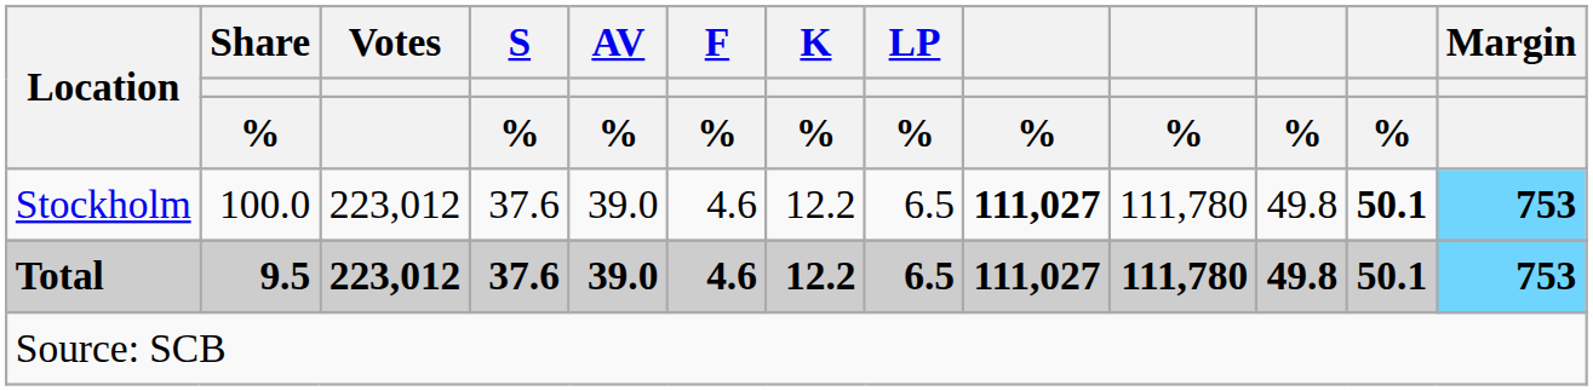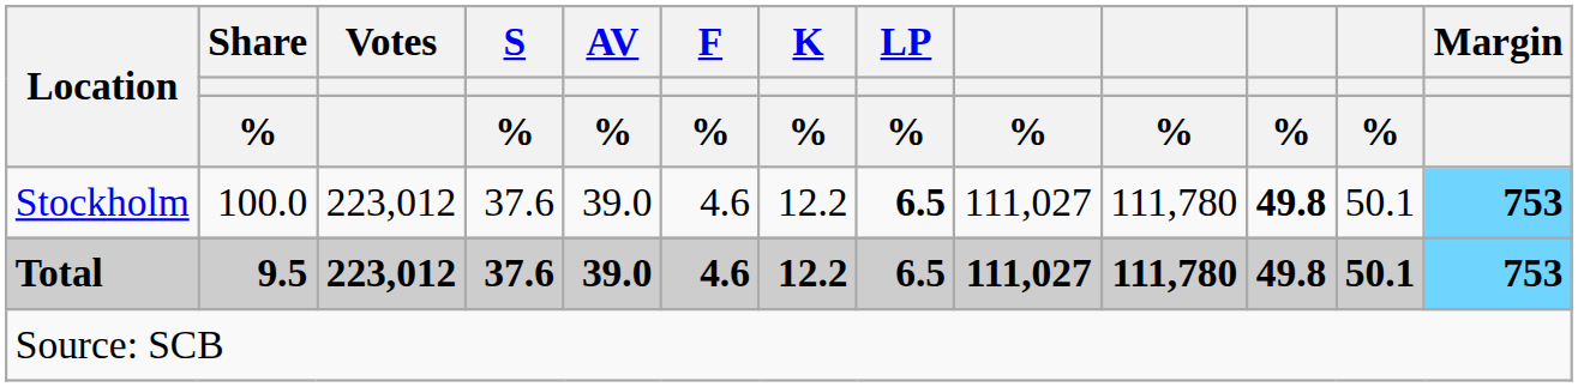 <table class="wikitable sortable" style="text-align:right; font-size:95%; line-height:20px;">
 <tr>
 <th rowspan="3">Location</th>
 <th>Share</th>
 <th>Votes</th>
 <th width="30px" class="unsortable"><a href='#'>S</a></th>
 <th width="30px" class="unsortable"><a href='#'>AV</a></th>
 <th width="30px" class="unsortable"><a href='#'>F</a></th>
 <th width="30px" class="unsortable"><a href='#'>K</a></th>
 <th width="30px" class="unsortable"><a href='#'>LP</a></th>
 <th></th>
 <th></th>
 <th></th>
 <th></th>
 <th>Margin</th>
 </tr>
 <tr>
 <th></th>
 <th></th>
 <th style="background:"></th>
 <th style="background:"></th>
 <th style="background:"></th>
 <th style="background:"></th>
 <th style="background:"></th>
 <th style="background:"></th>
 <th style="background:"></th>
 <th style="background:"></th>
 <th style="background:"></th>
 <th></th>
 </tr>
 <tr>
 <th data-sort-type="number">%</th>
 <th></th>
 <th data-sort-type="number">%</th>
 <th data-sort-type="number">%</th>
 <th data-sort-type="number">%</th>
 <th data-sort-type="number">%</th>
 <th data-sort-type="number">%</th>
 <th data-sort-type="number">%</th>
 <th data-sort-type="number">%</th>
 <th data-sort-type="number">%</th>
 <th data-sort-type="number">%</th>
 <th></th>
 </tr>
 <tr>
 <td align=left><a href='#'>Stockholm</a></td>
 <td>100.0</td>
 <td>223,012</td>
 <td>37.6</td>
 <td>39.0</td>
 <td>4.6</td>
 <td>12.2</td>
-<td>6.5</td>
-<td><strong>111,027</strong></td>
+<td><strong>6.5</strong></td>
+<td>111,027</td>
 <td>111,780</td>
-<td>49.8</td>
-<td><strong>50.1</strong></td>
+<td><strong>49.8</strong></td>
+<td>50.1</td>
 <td bgcolor=#6fd5fe><strong>753</strong></td>
 </tr>
 <tr>
 </tr>
 <tr style="background:#CDCDCD;">
 <td align=left><strong>Total</strong></td>
 <td><strong>9.5</strong></td>
 <td><strong>223,012</strong></td>
 <td><strong>37.6</strong></td>
 <td><strong>39.0</strong></td>
 <td><strong>4.6</strong></td>
 <td><strong>12.2</strong></td>
 <td><strong>6.5</strong></td>
 <td><strong>111,027</strong></td>
 <td><strong>111,780</strong></td>
 <td><strong>49.8</strong></td>
 <td><strong>50.1</strong></td>
 <td bgcolor=#6fd5fe><strong>753</strong></td>
 </tr>
 <tr>
 <td align=left colspan=13>Source: SCB </td>
 </tr>
 </table>
